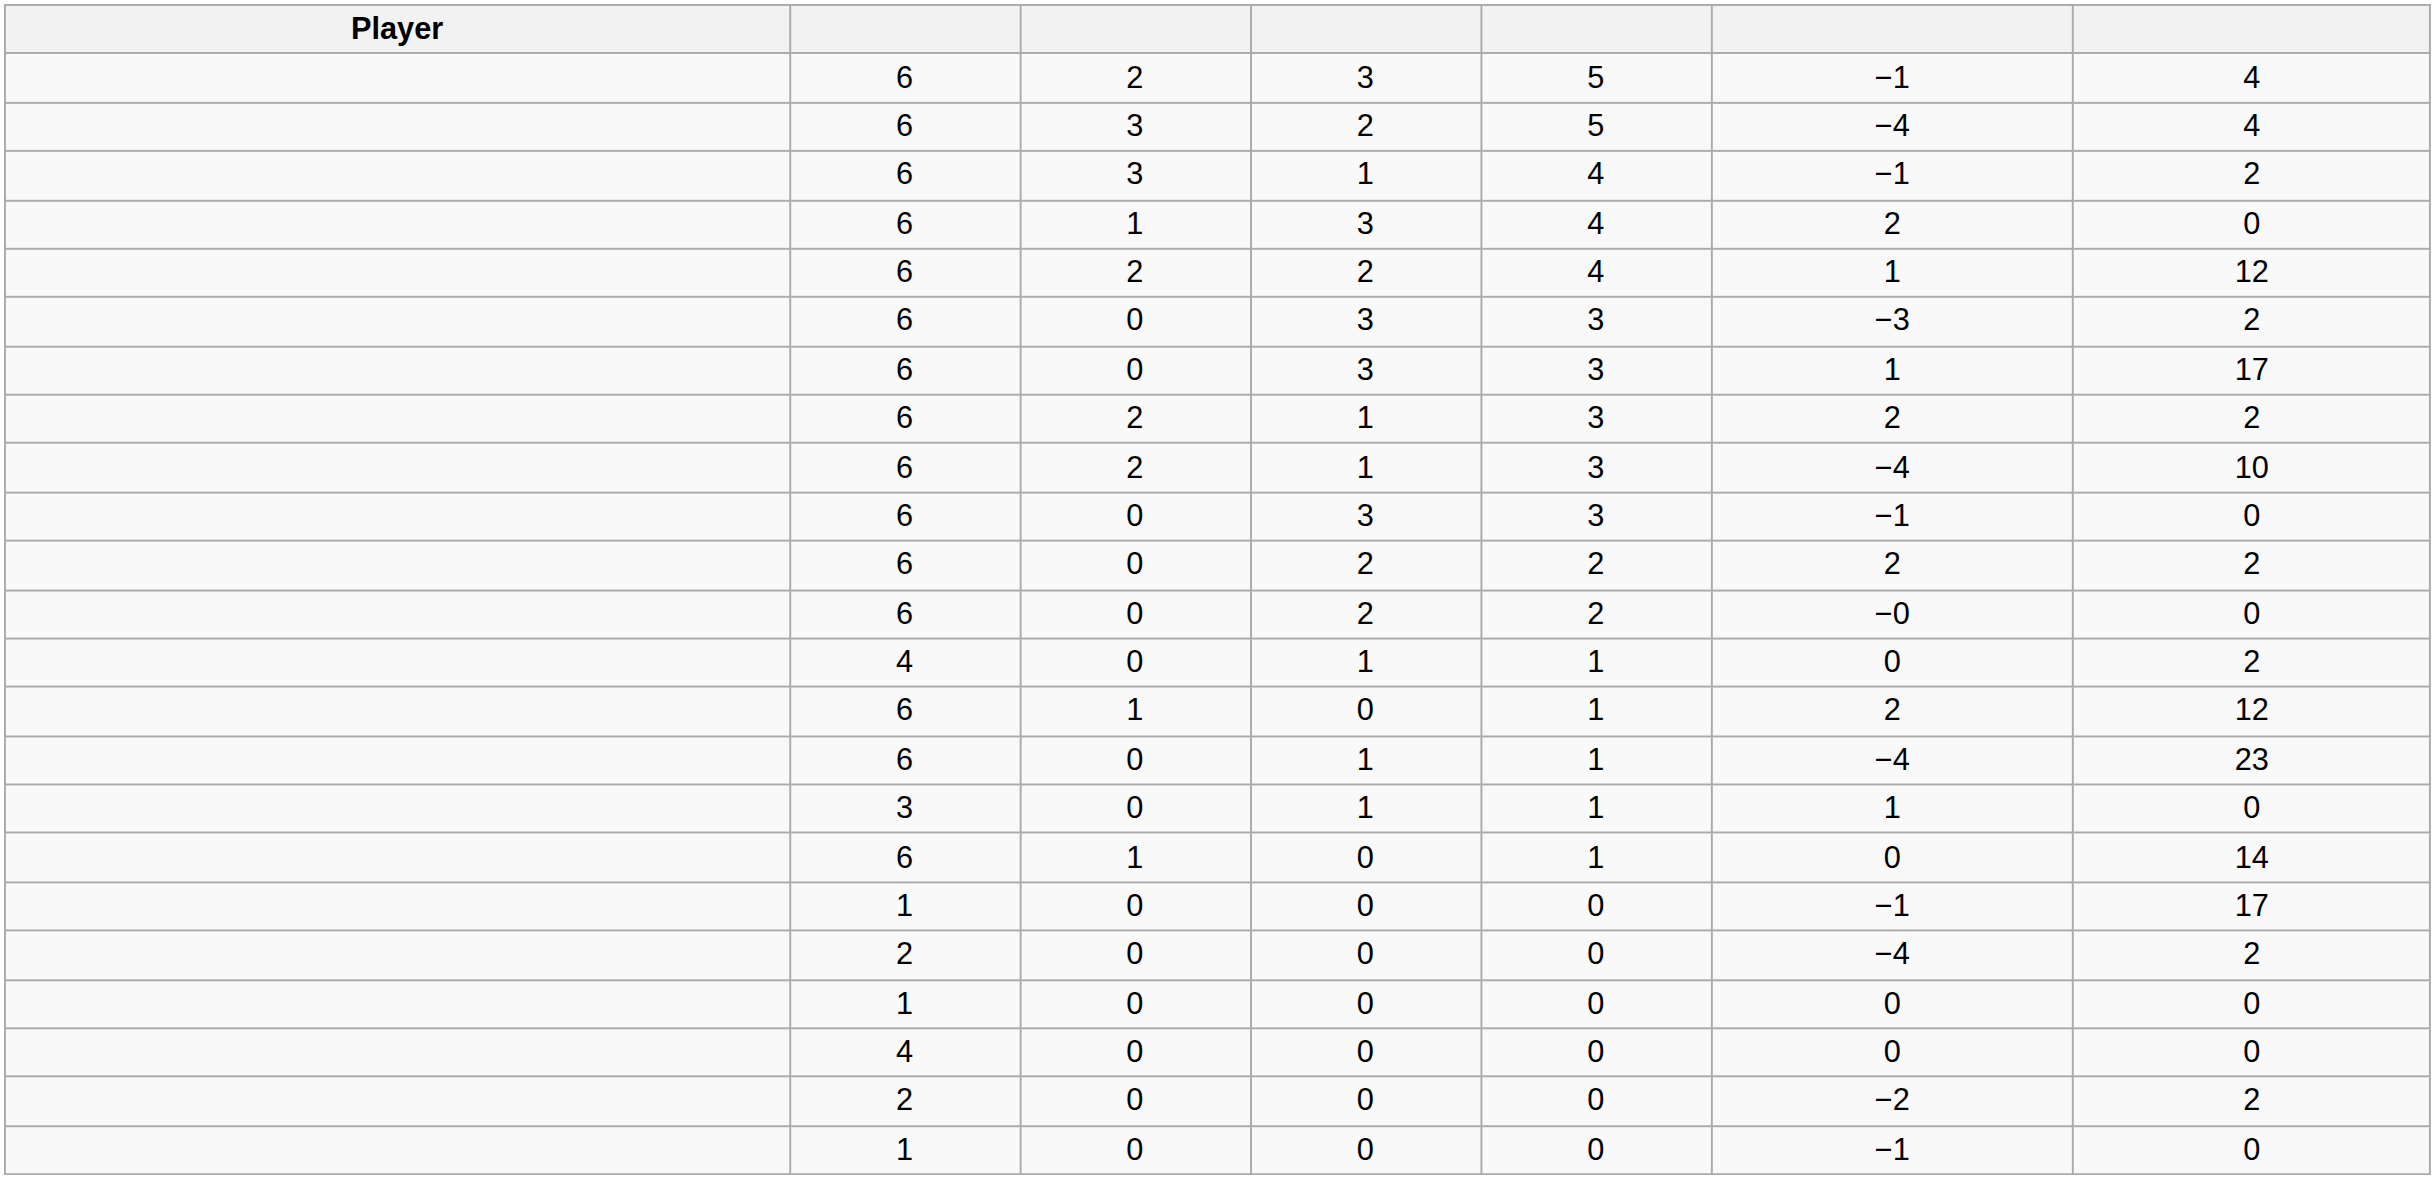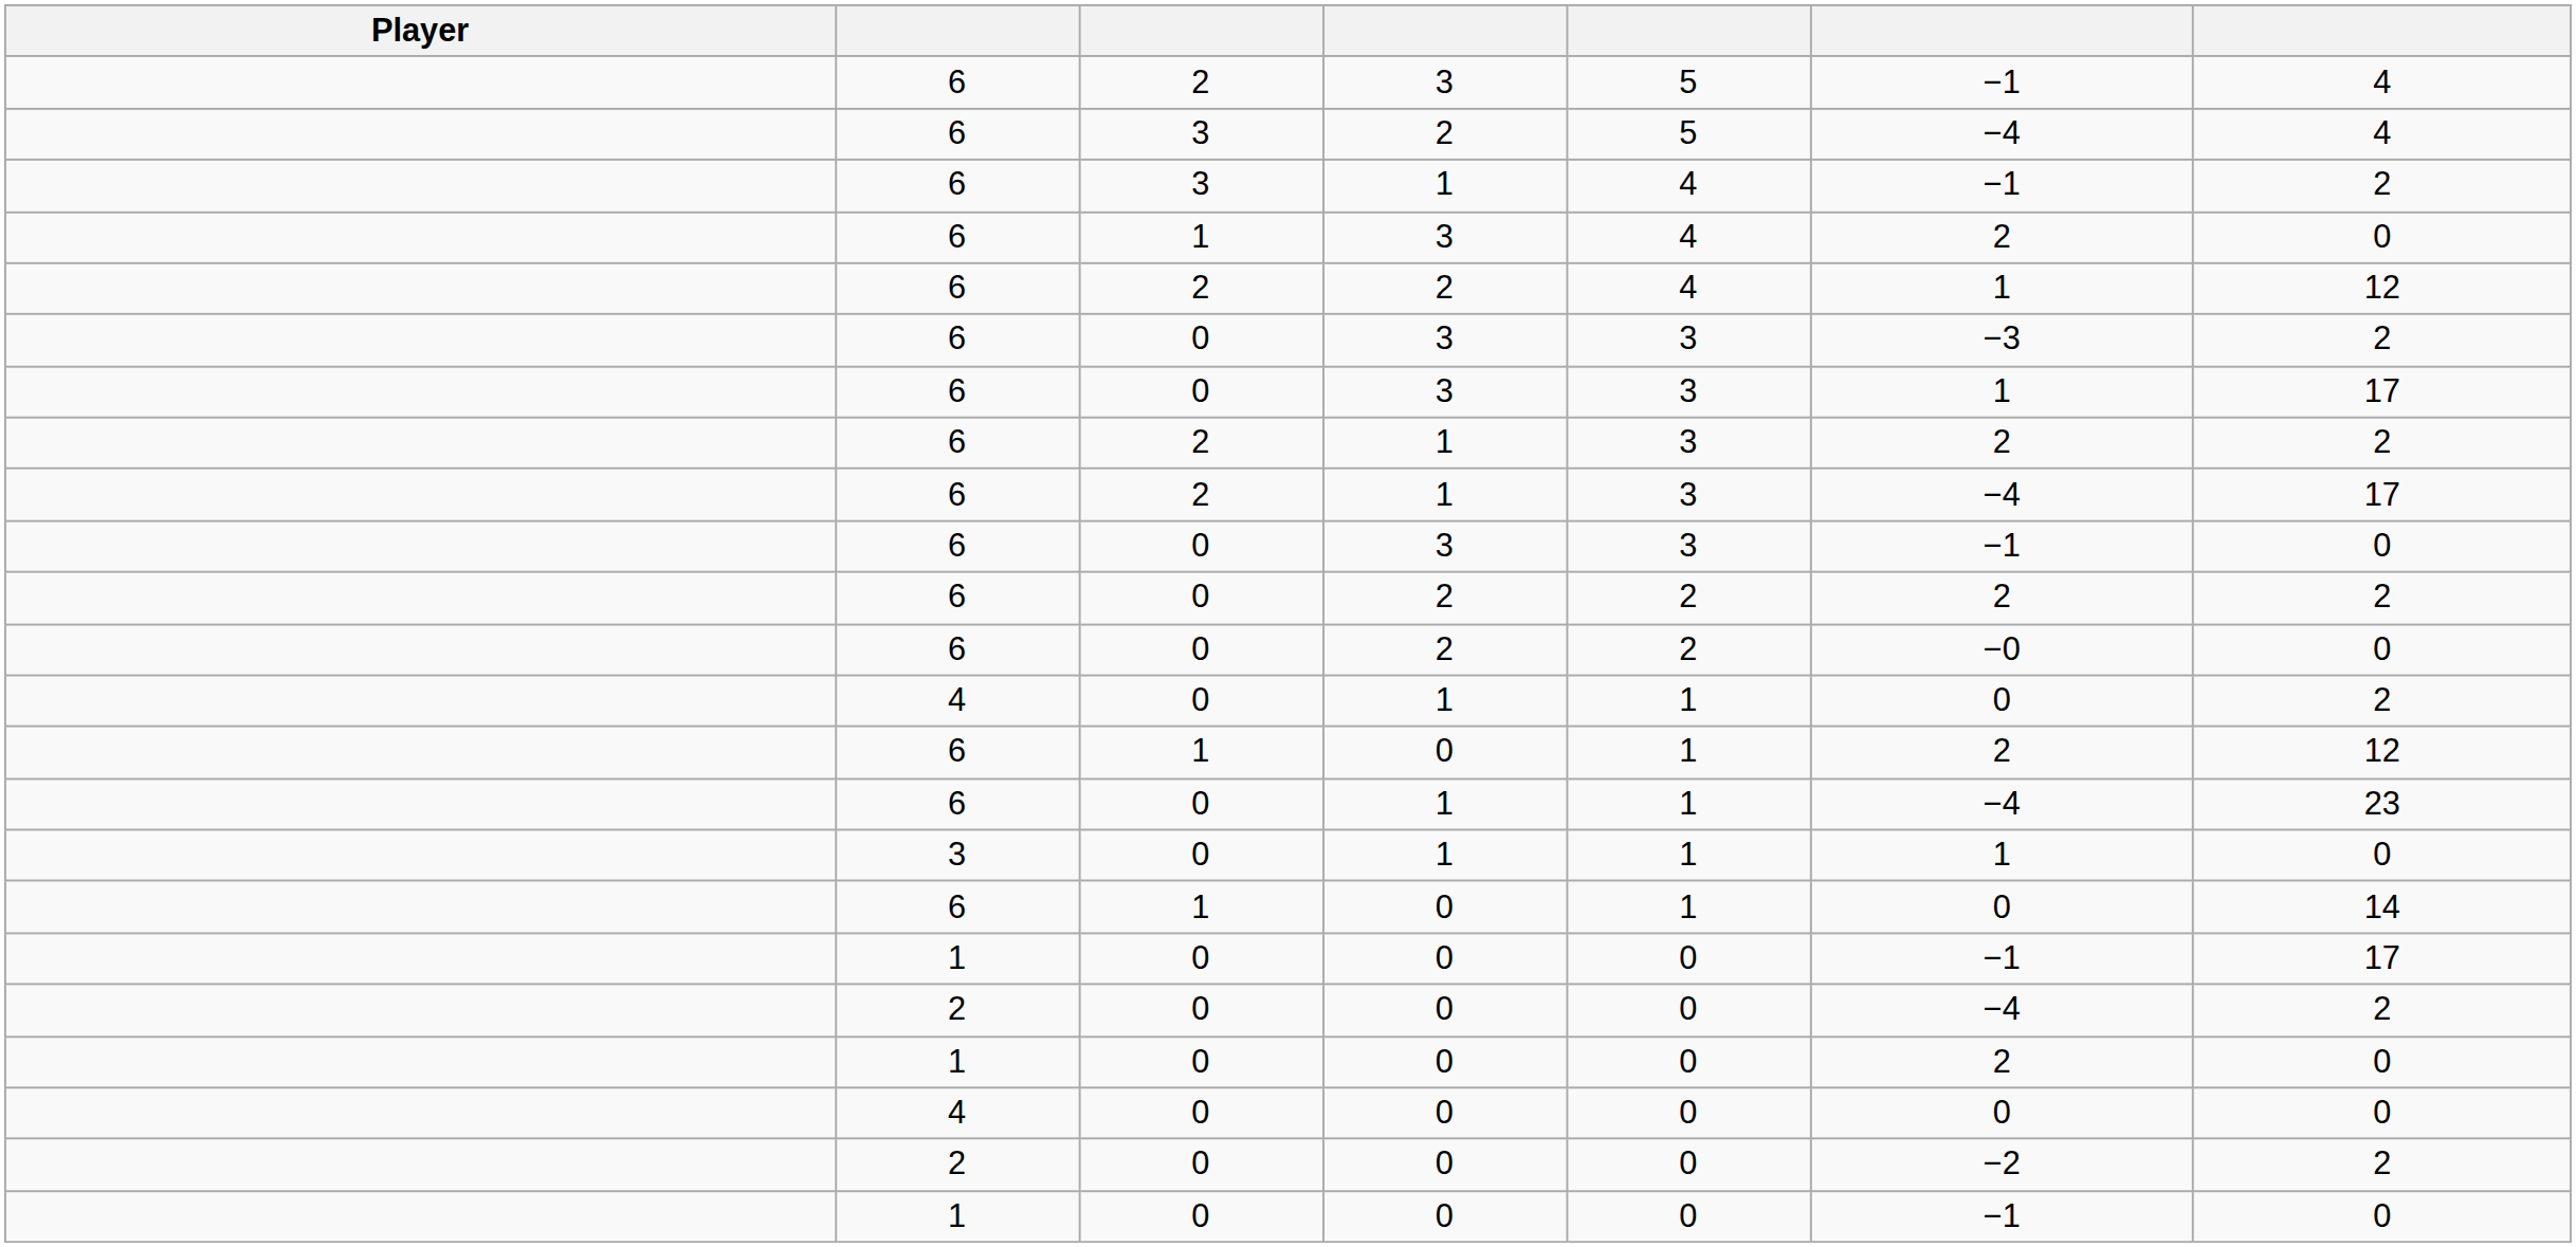 <table class="wikitable sortable" style="width:100%; text-align:center;">
 <tr>
 <th>Player</th>
 <th></th>
 <th></th>
 <th></th>
 <th></th>
 <th data-sort-type="number"></th>
 <th></th>
 </tr>
 <tr>
 <td></td>
 <td>6</td>
 <td>2</td>
 <td>3</td>
 <td>5</td>
 <td>−1</td>
 <td>4</td>
 </tr>
 <tr>
 <td></td>
 <td>6</td>
 <td>3</td>
 <td>2</td>
 <td>5</td>
 <td>−4</td>
 <td>4</td>
 </tr>
 <tr>
 <td></td>
 <td>6</td>
 <td>3</td>
 <td>1</td>
 <td>4</td>
 <td>−1</td>
 <td>2</td>
 </tr>
 <tr>
 <td></td>
 <td>6</td>
 <td>1</td>
 <td>3</td>
 <td>4</td>
 <td>2</td>
 <td>0</td>
 </tr>
 <tr>
 <td></td>
 <td>6</td>
 <td>2</td>
 <td>2</td>
 <td>4</td>
 <td>1</td>
 <td>12</td>
 </tr>
 <tr>
 <td></td>
 <td>6</td>
 <td>0</td>
 <td>3</td>
 <td>3</td>
 <td>−3</td>
 <td>2</td>
 </tr>
 <tr>
 <td></td>
 <td>6</td>
 <td>0</td>
 <td>3</td>
 <td>3</td>
 <td>1</td>
 <td>17</td>
 </tr>
 <tr>
 <td></td>
 <td>6</td>
 <td>2</td>
 <td>1</td>
 <td>3</td>
 <td>2</td>
 <td>2</td>
 </tr>
 <tr>
 <td></td>
 <td>6</td>
 <td>2</td>
 <td>1</td>
 <td>3</td>
 <td>−4</td>
-<td>10</td>
+<td>17</td>
 </tr>
 <tr>
 <td></td>
 <td>6</td>
 <td>0</td>
 <td>3</td>
 <td>3</td>
 <td>−1</td>
 <td>0</td>
 </tr>
 <tr>
 <td></td>
 <td>6</td>
 <td>0</td>
 <td>2</td>
 <td>2</td>
 <td>2</td>
 <td>2</td>
 </tr>
 <tr>
 <td></td>
 <td>6</td>
 <td>0</td>
 <td>2</td>
 <td>2</td>
 <td>−0</td>
 <td>0</td>
 </tr>
 <tr>
 <td></td>
 <td>4</td>
 <td>0</td>
 <td>1</td>
 <td>1</td>
 <td>0</td>
 <td>2</td>
 </tr>
 <tr>
 <td></td>
 <td>6</td>
 <td>1</td>
 <td>0</td>
 <td>1</td>
 <td>2</td>
 <td>12</td>
 </tr>
 <tr>
 <td></td>
 <td>6</td>
 <td>0</td>
 <td>1</td>
 <td>1</td>
 <td>−4</td>
 <td>23</td>
 </tr>
 <tr>
 <td></td>
 <td>3</td>
 <td>0</td>
 <td>1</td>
 <td>1</td>
 <td>1</td>
 <td>0</td>
 </tr>
 <tr>
 <td></td>
 <td>6</td>
 <td>1</td>
 <td>0</td>
 <td>1</td>
 <td>0</td>
 <td>14</td>
 </tr>
 <tr>
 <td></td>
 <td>1</td>
 <td>0</td>
 <td>0</td>
 <td>0</td>
 <td>−1</td>
 <td>17</td>
 </tr>
 <tr>
 <td></td>
 <td>2</td>
 <td>0</td>
 <td>0</td>
 <td>0</td>
 <td>−4</td>
 <td>2</td>
 </tr>
 <tr>
 <td></td>
 <td>1</td>
 <td>0</td>
 <td>0</td>
 <td>0</td>
-<td>0</td>
+<td>2</td>
 <td>0</td>
 </tr>
 <tr>
 <td></td>
 <td>4</td>
 <td>0</td>
 <td>0</td>
 <td>0</td>
 <td>0</td>
 <td>0</td>
 </tr>
 <tr>
 <td></td>
 <td>2</td>
 <td>0</td>
 <td>0</td>
 <td>0</td>
 <td>−2</td>
 <td>2</td>
 </tr>
 <tr>
 <td></td>
 <td>1</td>
 <td>0</td>
 <td>0</td>
 <td>0</td>
 <td>−1</td>
 <td>0</td>
 </tr>
 </table>
